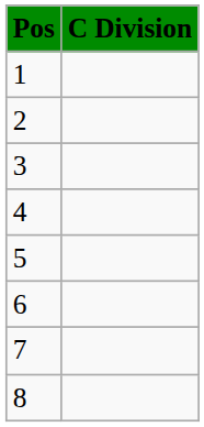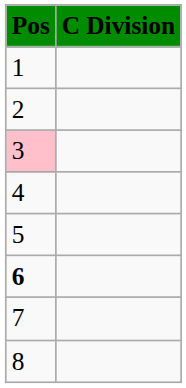 <table class="wikitable" style="margin:0.5em auto; font-size:95%">
 <tr bgcolor="#008B00">
 <td><strong>Pos</strong></td>
 <td><strong>C Division</strong></td>
 </tr>
 <tr>
 <td>1</td>
 <td></td>
 </tr>
 <tr>
 <td>2</td>
 <td></td>
 </tr>
 <tr>
-<td>3</td>
+<td style="background: pink;">3</td>
 <td></td>
 </tr>
 <tr>
 <td>4</td>
 <td></td>
 </tr>
 <tr>
 <td>5</td>
 <td></td>
 </tr>
 <tr>
-<td>6</td>
+<td><strong>6</strong></td>
 <td></td>
 </tr>
 <tr>
 <td>7</td>
 <td></td>
 </tr>
 <tr>
 <td>8</td>
 <td></td>
 </tr>
 </table>
